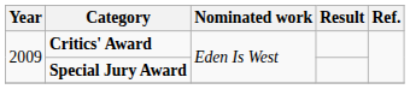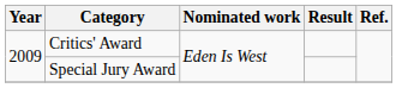 <table class="wikitable sortable">
 <tr>
 <th>Year</th>
 <th>Category</th>
 <th>Nominated work</th>
 <th>Result</th>
 <th>Ref.</th>
 </tr>
 <tr>
 <td rowspan="2">2009</td>
-<td><strong>Critics' Award</strong></td>
+<td>Critics' Award</td>
 <td rowspan="2"><em>Eden Is West</em></td>
 <td></td>
 <td rowspan="2"></td>
 </tr>
 <tr>
-<td><strong>Special Jury Award</strong></td>
+<td>Special Jury Award</td>
 <td></td>
 </tr>
 <tr>
 </tr>
 </table>
